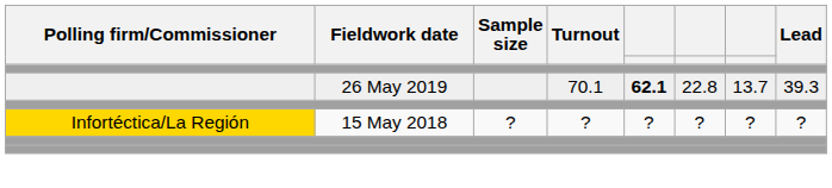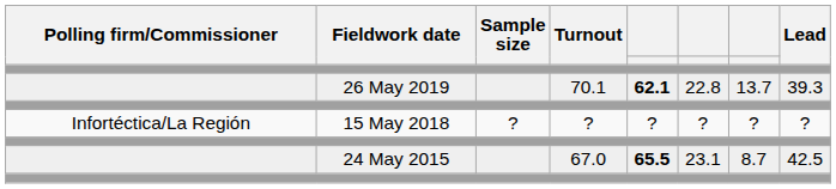 <table class="wikitable collapsible collapsed" style="text-align:center; font-size:95%; line-height:16px;">
 <tr style="height:42px;">
 <th style="width:250px;" rowspan="2">Polling firm/Commissioner</th>
 <th style="width:125px;" rowspan="2">Fieldwork date</th>
 <th style="width:50px;" rowspan="2">Sample size</th>
 <th style="width:45px;" rowspan="2">Turnout</th>
 <th style="width:35px;"></th>
 <th style="width:35px;"></th>
 <th style="width:35px;"></th>
 <th style="width:30px;" rowspan="2">Lead</th>
 </tr>
 <tr>
 <th style="color:inherit;background:"></th>
 <th style="color:inherit;background:"></th>
 <th style="color:inherit;background:"></th>
 </tr>
 <tr>
 <td colspan="8" style="background:#A0A0A0"></td>
 </tr>
 <tr style="background:#EFEFEF;">
 <td><strong></strong></td>
 <td>26 May 2019</td>
 <td></td>
 <td>70.1</td>
 <td><strong>62.1</strong><br></td>
 <td>22.8<br></td>
 <td>13.7<br></td>
 <td style="background:">39.3</td>
 </tr>
 <tr>
 <td colspan="8" style="background:#A0A0A0"></td>
 </tr>
 <tr>
-<td style="background: gold;">Infortéctica/La Región</td>
+<td>Infortéctica/La Región</td>
 <td>15 May 2018</td>
 <td>?</td>
 <td>?</td>
 <td>?<br></td>
 <td>?<br></td>
 <td>?<br></td>
 <td style="background:">?</td>
 </tr>
 <tr>
 <td colspan="8" style="background:#A0A0A0"></td>
 </tr>
+<tr style="background:#EFEFEF;">
+<td><strong></strong></td>
+<td>24 May 2015</td>
+<td></td>
+<td>67.0</td>
+<td><strong>65.5</strong><br></td>
+<td>23.1<br></td>
+<td>8.7<br></td>
+<td style="background:">42.5</td>
+</tr>
 <tr>
 <td colspan="8" style="background:#A0A0A0"></td>
 </tr>
 </table>
